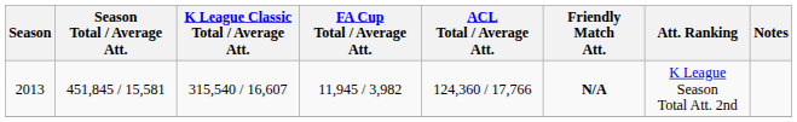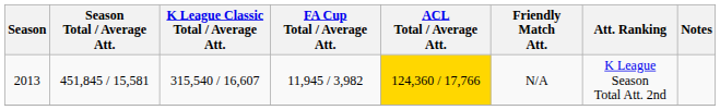 <table class="wikitable" style="text-align:center">
 <tr>
 <th>Season</th>
 <th>Season<br>Total / Average Att.</th>
 <th><a href='#'>K League Classic</a><br>Total / Average Att.</th>
 <th><a href='#'>FA Cup</a><br>Total / Average Att.</th>
 <th><a href='#'>ACL</a><br>Total / Average Att.</th>
 <th>Friendly Match<br> Att.</th>
 <th>Att. Ranking</th>
 <th>Notes</th>
 </tr>
 <tr>
 <td>2013</td>
 <td>451,845 / 15,581</td>
 <td>315,540 / 16,607</td>
 <td>11,945 / 3,982</td>
-<td>124,360 / 17,766</td>
-<td><strong>N/A</strong></td>
+<td style="background: gold;">124,360 / 17,766</td>
+<td>N/A</td>
 <td><a href='#'>K League</a> Season<br>Total Att. 2nd</td>
 <td></td>
 </tr>
 <tr>
 </tr>
 </table>
